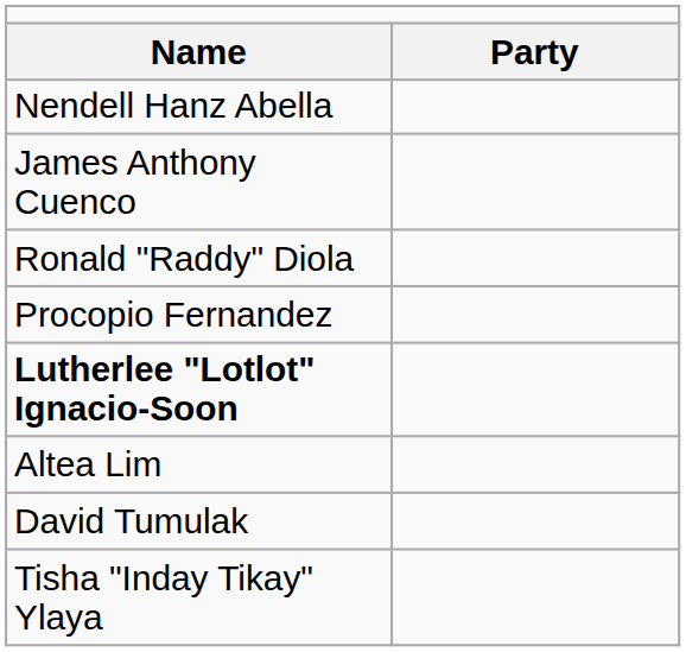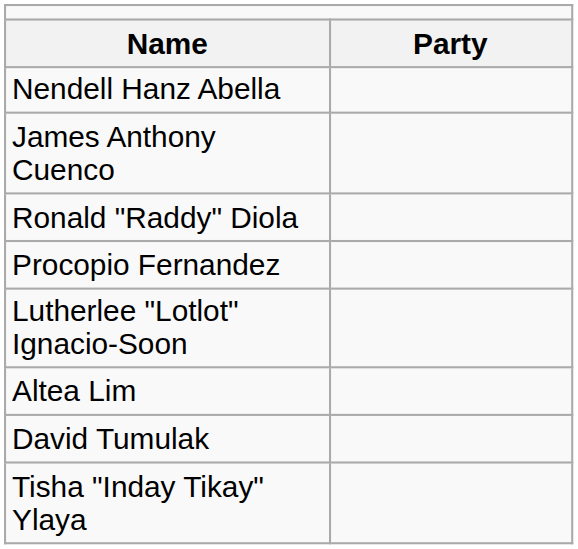 <table class=wikitable style="font-size:90%">
 <tr>
 <td colspan=4 bgcolor=></td>
 </tr>
 <tr>
 <th width=150px>Name</th>
 <th colspan=2 width=110px>Party</th>
 </tr>
 <tr>
 <td>Nendell Hanz Abella</td>
 <td></td>
 </tr>
 <tr>
 <td>James Anthony Cuenco</td>
 <td></td>
 </tr>
 <tr>
 <td>Ronald "Raddy" Diola</td>
 <td></td>
 </tr>
 <tr>
 <td>Procopio Fernandez</td>
 <td></td>
 </tr>
 <tr>
-<td><strong>Lutherlee "Lotlot" Ignacio-Soon</strong></td>
+<td>Lutherlee "Lotlot" Ignacio-Soon</td>
 <td></td>
 </tr>
 <tr>
 <td>Altea Lim</td>
 <td></td>
 </tr>
 <tr>
 <td>David Tumulak</td>
 <td></td>
 </tr>
 <tr>
 <td>Tisha "Inday Tikay" Ylaya</td>
 <td></td>
 </tr>
 </table>
